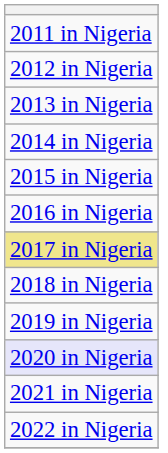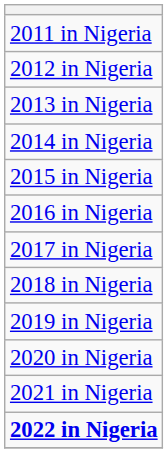 <table class="wikitable">
 <tr>
 <th></th>
 </tr>
 <tr>
 <td rowspan="1"><a href='#'>2011 in Nigeria</a></td>
 </tr>
 <tr>
 <td rowspan="1"><a href='#'>2012 in Nigeria</a></td>
 </tr>
 <tr>
 <td rowspan="1"><a href='#'>2013 in Nigeria</a></td>
 </tr>
 <tr>
 <td rowspan="1"><a href='#'>2014 in Nigeria</a></td>
 </tr>
 <tr>
 <td rowspan="1"><a href='#'>2015 in Nigeria</a></td>
 </tr>
 <tr>
 <td rowspan="1"><a href='#'>2016 in Nigeria</a></td>
 </tr>
 <tr>
-<td rowspan="1" style="background: khaki;"><a href='#'>2017 in Nigeria</a></td>
+<td rowspan="1"><a href='#'>2017 in Nigeria</a></td>
 </tr>
 <tr>
 <td rowspan="1"><a href='#'>2018 in Nigeria</a></td>
 </tr>
 <tr>
 <td rowspan="1"><a href='#'>2019 in Nigeria</a></td>
 </tr>
 <tr>
-<td style="background: lavender;"><a href='#'>2020 in Nigeria</a></td>
+<td><a href='#'>2020 in Nigeria</a></td>
 </tr>
 <tr>
 <td><a href='#'>2021 in Nigeria</a></td>
 </tr>
 <tr>
-<td><a href='#'>2022 in Nigeria</a></td>
+<td><strong><a href='#'>2022 in Nigeria</a></strong></td>
 </tr>
 <tr>
 </tr>
 </table>
